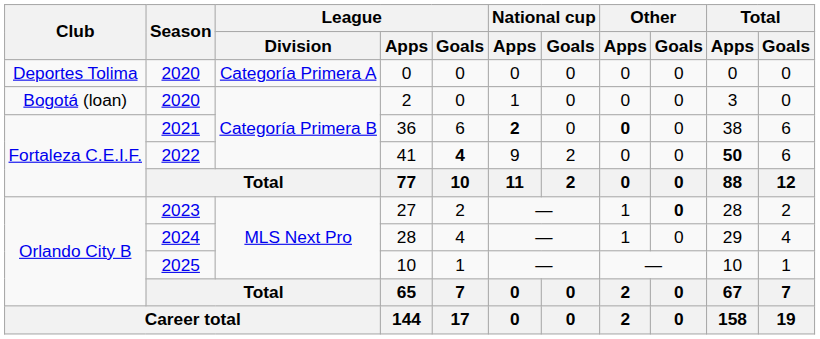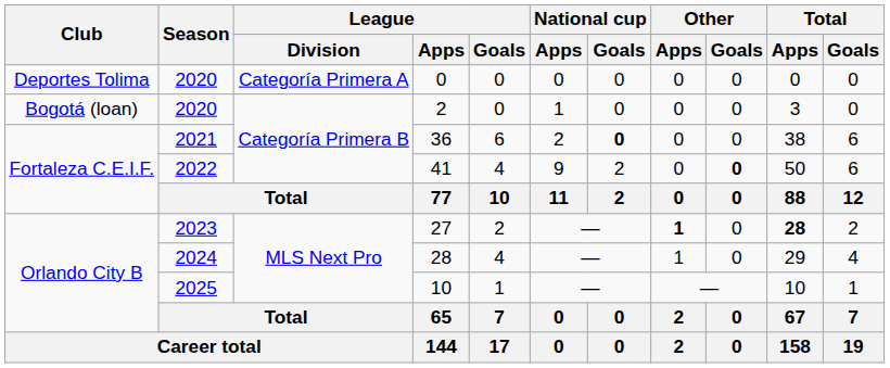 <table class=wikitable style=text-align:center>
 <tr>
 <th rowspan="2">Club</th>
 <th rowspan="2">Season</th>
 <th colspan="3">League</th>
 <th colspan="2">National cup</th>
 <th colspan="2">Other</th>
 <th colspan="2">Total</th>
 </tr>
 <tr>
 <th>Division</th>
 <th>Apps</th>
 <th>Goals</th>
 <th>Apps</th>
 <th>Goals</th>
 <th>Apps</th>
 <th>Goals</th>
 <th>Apps</th>
 <th>Goals</th>
 </tr>
 <tr>
 <td><a href='#'>Deportes Tolima</a></td>
 <td><a href='#'>2020</a></td>
 <td><a href='#'>Categoría Primera A</a></td>
 <td>0</td>
 <td>0</td>
 <td>0</td>
 <td>0</td>
 <td>0</td>
 <td>0</td>
 <td>0</td>
 <td>0</td>
 </tr>
 <tr>
 <td><a href='#'>Bogotá</a> (loan)</td>
 <td><a href='#'>2020</a></td>
 <td rowspan="3"><a href='#'>Categoría Primera B</a></td>
 <td>2</td>
 <td>0</td>
 <td>1</td>
 <td>0</td>
 <td>0</td>
 <td>0</td>
 <td>3</td>
 <td>0</td>
 </tr>
 <tr>
 <td rowspan="3"><a href='#'>Fortaleza C.E.I.F.</a></td>
 <td><a href='#'>2021</a></td>
 <td>36</td>
 <td>6</td>
-<td><strong>2</strong></td>
+<td>2</td>
+<td><strong>0</strong></td>
 <td>0</td>
-<td><strong>0</strong></td>
 <td>0</td>
 <td>38</td>
 <td>6</td>
 </tr>
 <tr>
 <td><a href='#'>2022</a></td>
 <td>41</td>
-<td><strong>4</strong></td>
+<td>4</td>
 <td>9</td>
 <td>2</td>
 <td>0</td>
-<td>0</td>
-<td><strong>50</strong></td>
+<td><strong>0</strong></td>
+<td>50</td>
 <td>6</td>
 </tr>
 <tr>
 <th colspan="2"><strong>Total</strong></th>
 <th>77</th>
 <th>10</th>
 <th>11</th>
 <th>2</th>
 <th>0</th>
 <th>0</th>
 <th>88</th>
 <th>12</th>
 </tr>
 <tr>
 <td rowspan="4"><a href='#'>Orlando City B</a></td>
 <td><a href='#'>2023</a></td>
 <td rowspan="3"><a href='#'>MLS Next Pro</a></td>
 <td>27</td>
 <td>2</td>
 <td colspan="2">—</td>
-<td>1</td>
-<td><strong>0</strong></td>
-<td>28</td>
+<td><strong>1</strong></td>
+<td>0</td>
+<td><strong>28</strong></td>
 <td>2</td>
 </tr>
 <tr>
 <td><a href='#'>2024</a></td>
 <td>28</td>
 <td>4</td>
 <td colspan="2">—</td>
 <td>1</td>
 <td>0</td>
 <td>29</td>
 <td>4</td>
 </tr>
 <tr>
 <td><a href='#'>2025</a></td>
 <td>10</td>
 <td>1</td>
 <td colspan="2">—</td>
 <td colspan="2">—</td>
 <td>10</td>
 <td>1</td>
 </tr>
 <tr>
 <th colspan="2"><strong>Total</strong></th>
 <th>65</th>
 <th>7</th>
 <th>0</th>
 <th>0</th>
 <th>2</th>
 <th>0</th>
 <th>67</th>
 <th>7</th>
 </tr>
 <tr>
 <th colspan="3"><strong>Career total</strong></th>
 <th>144</th>
 <th>17</th>
 <th>0</th>
 <th>0</th>
 <th>2</th>
 <th>0</th>
 <th>158</th>
 <th>19</th>
 </tr>
 </table>
